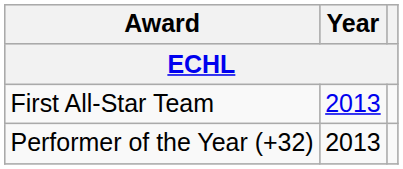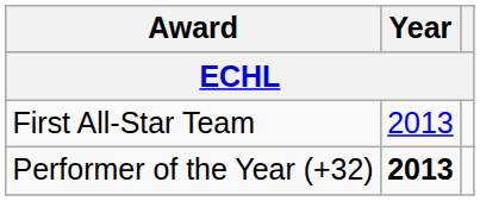 <table class="wikitable">
 <tr>
 <th>Award</th>
 <th>Year</th>
 <th></th>
 </tr>
 <tr ALIGN="center" bgcolor="#e0e0e0">
 <th colspan="3"><a href='#'>ECHL</a></th>
 </tr>
 <tr>
 <td>First All-Star Team</td>
 <td><a href='#'>2013</a></td>
 <td></td>
 </tr>
 <tr>
 <td>Performer of the Year (+32)</td>
-<td>2013</td>
+<td><strong>2013</strong></td>
 <td></td>
 </tr>
 </table>
